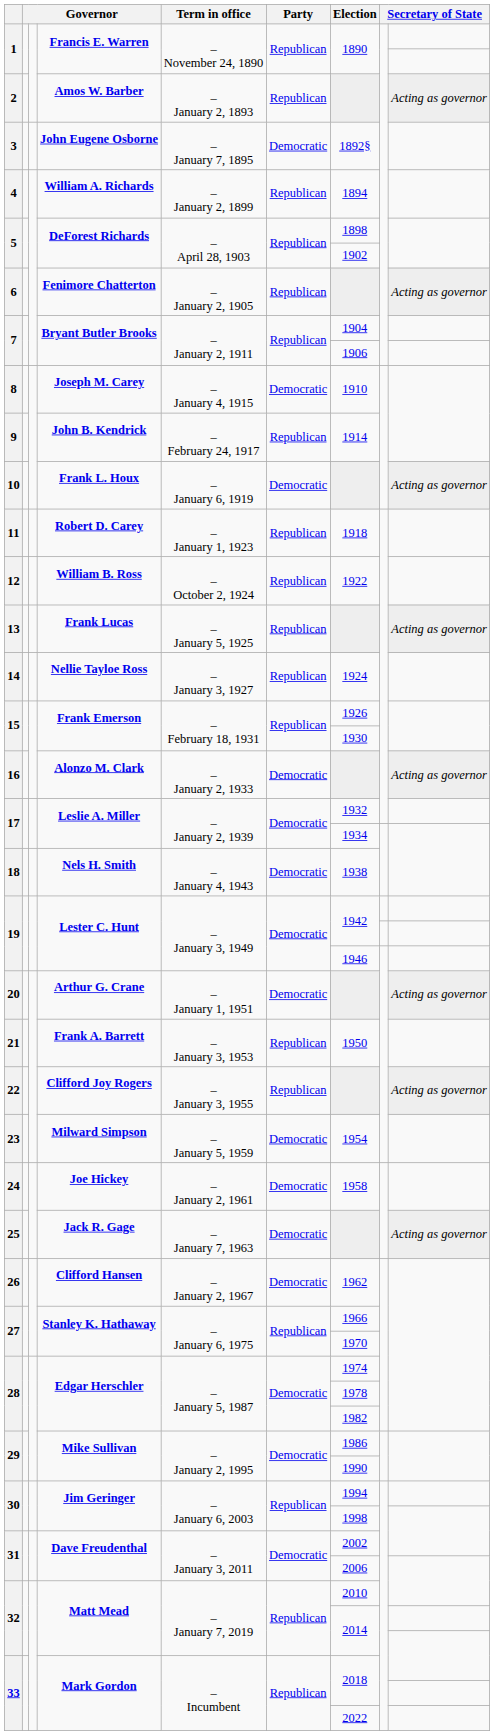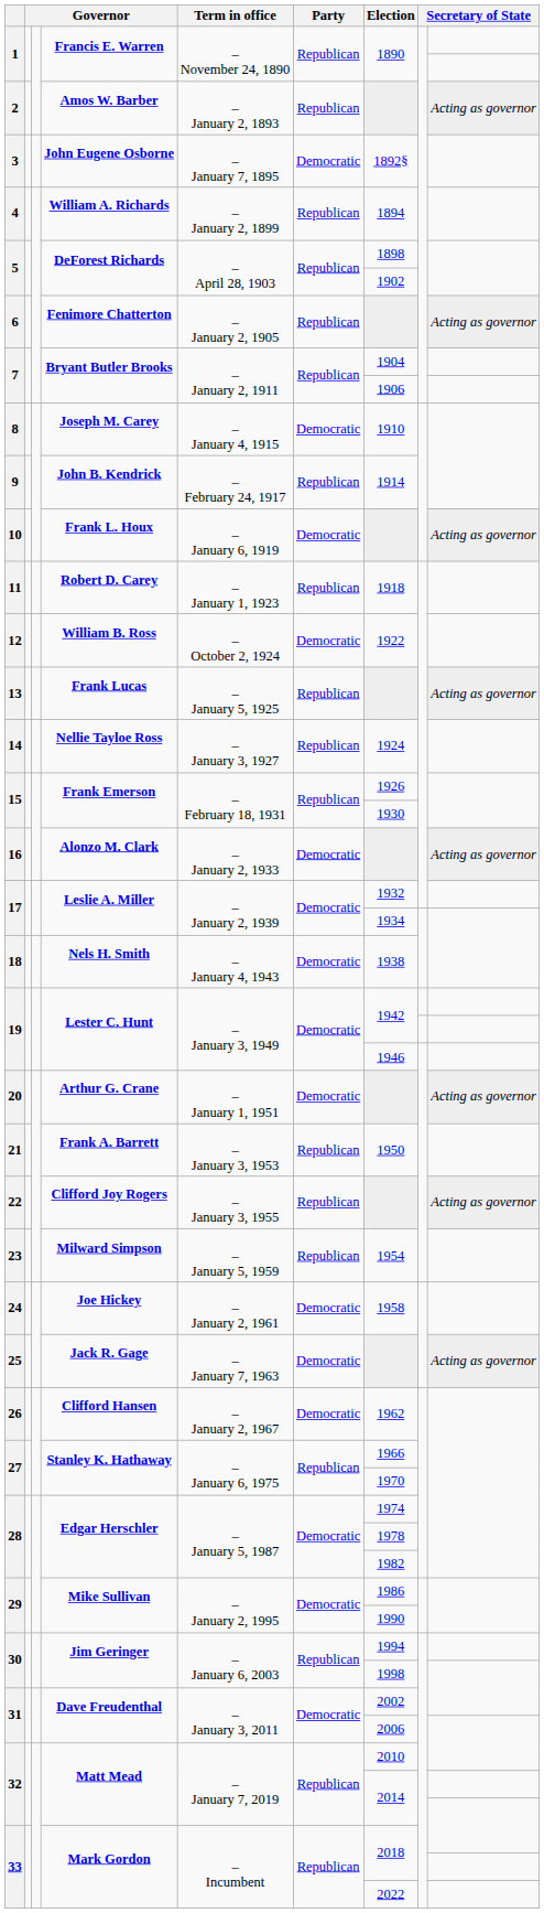 <table class="wikitable sortable mw-collapsible sticky-header-multi" style="text-align:center;">
 <tr>
 <th scope="col" data-sort-type="number"></th>
 <th scope="colgroup" colspan="3">Governor</th>
 <th scope="col">Term in office</th>
 <th scope="col">Party</th>
 <th scope="col">Election</th>
 <th scope="colgroup" colspan="2"><a href='#'>Secretary of State</a></th>
 </tr>
 <tr style="height:2em;">
 <th rowspan="2" scope="rowgroup">1</th>
 <td rowspan="2" data-sort-value="Warren, Francis"></td>
 <td rowspan="3" style="background: "> </td>
 <td rowspan="2"><strong><a href='#'>Francis E. Warren</a></strong><br><br></td>
 <td rowspan="2"><br>–<br>November 24, 1890<br></td>
 <td rowspan="2"><a href='#'>Republican</a></td>
 <td rowspan="2"><a href='#'>1890</a></td>
 <td rowspan="10" style="background: "> </td>
 <td></td>
 </tr>
 <tr style="height:2em;">
 <td></td>
 </tr>
 <tr style="height:2em;">
 <th scope="row">2</th>
 <td data-sort-value="Barber, Amos"></td>
 <td><strong><a href='#'>Amos W. Barber</a></strong><br><br></td>
 <td><br>–<br>January 2, 1893<br></td>
 <td><a href='#'>Republican</a></td>
 <td style="background:#EEEEEE;"></td>
 <td style="background:#EEEEEE;"><em>Acting as governor</em></td>
 </tr>
 <tr style="height:2em;">
 <th scope="row">3</th>
 <td data-sort-value="Osborne, John"></td>
 <td style="color:inherit;background: "></td>
 <td><strong><a href='#'>John Eugene Osborne</a></strong><br><br></td>
 <td><br>–<br>January 7, 1895<br></td>
 <td><a href='#'>Democratic</a></td>
 <td><a href='#'>1892§</a></td>
 <td></td>
 </tr>
 <tr style="height:2em;">
 <th scope="row">4</th>
 <td data-sort-value="Richards, William"></td>
 <td rowspan="6" style="color:inherit;background: "></td>
 <td><strong><a href='#'>William A. Richards</a></strong><br><br></td>
 <td><br>–<br>January 2, 1899<br></td>
 <td><a href='#'>Republican</a></td>
 <td><a href='#'>1894</a></td>
 <td></td>
 </tr>
 <tr style="height:2em;">
 <th rowspan="2" scope="rowgroup">5</th>
 <td rowspan="2" data-sort-value="Richards, DeForest"></td>
 <td rowspan="2"><strong><a href='#'>DeForest Richards</a></strong><br><br></td>
 <td rowspan="2"><br>–<br>April 28, 1903<br></td>
 <td rowspan="2"><a href='#'>Republican</a></td>
 <td><a href='#'>1898</a></td>
 <td rowspan="2"></td>
 </tr>
 <tr style="height:2em;">
 <td><a href='#'>1902</a></td>
 </tr>
 <tr style="height:2em;">
 <th scope="row">6</th>
 <td data-sort-value="Chatterton, Fenimore"></td>
 <td><strong><a href='#'>Fenimore Chatterton</a></strong><br><br></td>
 <td><br>–<br>January 2, 1905<br></td>
 <td><a href='#'>Republican</a></td>
 <td style="background:#EEEEEE;"></td>
 <td style="background:#EEEEEE;"><em>Acting as governor</em></td>
 </tr>
 <tr style="height:2em;">
 <th rowspan="2" scope="rowgroup">7</th>
 <td rowspan="2" data-sort-value="Brooks, Bryant"></td>
 <td rowspan="2"><strong><a href='#'>Bryant Butler Brooks</a></strong><br><br></td>
 <td rowspan="2"><br>–<br>January 2, 1911<br></td>
 <td rowspan="2"><a href='#'>Republican</a></td>
 <td><a href='#'>1904</a><br></td>
 <td></td>
 </tr>
 <tr style="height:2em;">
 <td><a href='#'>1906</a></td>
 <td></td>
 </tr>
 <tr style="height:2em;">
 <th scope="row">8</th>
 <td data-sort-value="Carey, Joseph"></td>
 <td rowspan="3" style="color:inherit;background: "></td>
 <td><strong><a href='#'>Joseph M. Carey</a></strong><br><br></td>
 <td><br>–<br>January 4, 1915<br></td>
 <td><a href='#'>Democratic</a></td>
 <td><a href='#'>1910</a></td>
 <td rowspan="3" style="color:inherit;background: "></td>
 <td rowspan="2"></td>
 </tr>
 <tr style="height:2em;">
 <th scope="row">9</th>
 <td data-sort-value="Kendrick, John"></td>
 <td><strong><a href='#'>John B. Kendrick</a></strong><br><br></td>
 <td><br>–<br>February 24, 1917<br></td>
 <td><a href='#'>Republican</a></td>
 <td><a href='#'>1914</a></td>
 </tr>
 <tr style="height:2em;">
 <th scope="row">10</th>
 <td data-sort-value="Houx, Frank"></td>
 <td><strong><a href='#'>Frank L. Houx</a></strong><br><br></td>
 <td><br>–<br>January 6, 1919<br></td>
 <td><a href='#'>Democratic</a></td>
 <td style="background:#EEEEEE;"></td>
 <td style="background:#EEEEEE;"><em>Acting as governor</em></td>
 </tr>
 <tr style="height:2em;">
 <th scope="row">11</th>
 <td data-sort-value="Carey, Robert"></td>
 <td style="color:inherit;background: "></td>
 <td><strong><a href='#'>Robert D. Carey</a></strong><br><br></td>
 <td><br>–<br>January 1, 1923<br></td>
 <td><a href='#'>Republican</a></td>
 <td><a href='#'>1918</a></td>
 <td rowspan="8" style="color:inherit;background: "></td>
 <td></td>
 </tr>
 <tr style="height:2em;">
 <th scope="row">12</th>
 <td data-sort-value="Ross, William"></td>
 <td style="color:inherit;background: "></td>
 <td><strong><a href='#'>William B. Ross</a></strong><br><br></td>
 <td><br>–<br>October 2, 1924<br></td>
-<td><a href='#'>Republican</a></td>
+<td><a href='#'>Democratic</a></td>
 <td><a href='#'>1922</a></td>
 <td></td>
 </tr>
 <tr style="height:2em;">
 <th scope="row">13</th>
 <td data-sort-value="Lucas, Frank"></td>
 <td style="color:inherit;background: "></td>
 <td><strong><a href='#'>Frank Lucas</a></strong><br><br></td>
 <td><br>–<br>January 5, 1925<br></td>
 <td><a href='#'>Republican</a></td>
 <td style="background:#EEEEEE;"></td>
 <td style="background:#EEEEEE;"><em>Acting as governor</em></td>
 </tr>
 <tr style="height:2em;">
 <th scope="row">14</th>
 <td data-sort-value="Ross, Nellie"></td>
 <td style="color:inherit;background: "></td>
 <td><strong><a href='#'>Nellie Tayloe Ross</a></strong><br><br></td>
 <td><br>–<br>January 3, 1927<br></td>
 <td><a href='#'>Republican</a></td>
 <td><a href='#'>1924</a><br></td>
 <td></td>
 </tr>
 <tr style="height:2em;">
 <th rowspan="2" scope="rowgroup">15</th>
 <td rowspan="2" data-sort-value="Emerson, Frank"></td>
 <td rowspan="3" style="color:inherit;background: "></td>
 <td rowspan="2"><strong><a href='#'>Frank Emerson</a></strong><br><br></td>
 <td rowspan="2"><br>–<br>February 18, 1931<br></td>
 <td rowspan="2"><a href='#'>Republican</a></td>
 <td><a href='#'>1926</a></td>
 <td rowspan="2"></td>
 </tr>
 <tr style="height:2em;">
 <td><a href='#'>1930</a></td>
 </tr>
 <tr style="height:2em;">
 <th scope="row">16</th>
 <td data-sort-value="Clark, Alonzo"></td>
 <td><strong><a href='#'>Alonzo M. Clark</a></strong><br><br></td>
 <td><br>–<br>January 2, 1933<br></td>
 <td><a href='#'>Democratic</a></td>
 <td style="background:#EEEEEE;"></td>
 <td style="background:#EEEEEE;"><em>Acting as governor</em></td>
 </tr>
 <tr style="height:2em;">
 <th rowspan="2" scope="rowgroup">17</th>
 <td rowspan="2" data-sort-value="Miller, Leslie"></td>
 <td rowspan="2" style="color:inherit;background: "></td>
 <td rowspan="2"><strong><a href='#'>Leslie A. Miller</a></strong><br><br></td>
 <td rowspan="2"><br>–<br>January 2, 1939<br></td>
 <td rowspan="2"><a href='#'>Democratic</a></td>
 <td><a href='#'>1932</a><br></td>
 <td></td>
 </tr>
 <tr style="height:2em;">
 <td><a href='#'>1934</a></td>
 <td rowspan="2" style="color:inherit;background: "></td>
 <td rowspan="2"></td>
 </tr>
 <tr style="height:2em;">
 <th scope="row">18</th>
 <td data-sort-value="Smith, Nels"></td>
 <td style="color:inherit;background: "></td>
 <td><strong><a href='#'>Nels H. Smith</a></strong><br><br></td>
 <td><br>–<br>January 4, 1943<br></td>
 <td><a href='#'>Democratic</a></td>
 <td><a href='#'>1938</a></td>
 </tr>
 <tr style="height:2em;">
 <th rowspan="3" scope="rowgroup">19</th>
 <td rowspan="3" data-sort-value="Hunt, Lester"></td>
 <td rowspan="3" style="color:inherit;background: "></td>
 <td rowspan="3"><strong><a href='#'>Lester C. Hunt</a></strong><br><br></td>
 <td rowspan="3"><br>–<br>January 3, 1949<br></td>
 <td rowspan="3"><a href='#'>Democratic</a></td>
 <td rowspan="2"><a href='#'>1942</a></td>
 <td style="color:inherit;background: "></td>
 <td></td>
 </tr>
 <tr style="height:2em;">
 <td style="color:inherit;background: "></td>
 <td></td>
 </tr>
 <tr style="height:2em;">
 <td><a href='#'>1946</a></td>
 <td rowspan="5" style="color:inherit;background: "></td>
 <td></td>
 </tr>
 <tr style="height:2em;">
 <th scope="row">20</th>
 <td data-sort-value="Crane, Arthur"></td>
 <td rowspan="4" style="color:inherit;background: "></td>
 <td><strong><a href='#'>Arthur G. Crane</a></strong><br><br></td>
 <td><br>–<br>January 1, 1951<br></td>
 <td><a href='#'>Democratic</a></td>
 <td style="background:#EEEEEE;"></td>
 <td style="background:#EEEEEE;"><em>Acting as governor</em></td>
 </tr>
 <tr style="height:2em;">
 <th scope="row">21</th>
 <td data-sort-value="Barrett, Frank"></td>
 <td><strong><a href='#'>Frank A. Barrett</a></strong><br><br></td>
 <td><br>–<br>January 3, 1953<br></td>
 <td><a href='#'>Republican</a></td>
 <td><a href='#'>1950</a></td>
 <td></td>
 </tr>
 <tr style="height:2em;">
 <th scope="row">22</th>
 <td data-sort-value="Rogers, Clifford"></td>
 <td><strong><a href='#'>Clifford Joy Rogers</a></strong><br><br></td>
 <td><br>–<br>January 3, 1955<br></td>
 <td><a href='#'>Republican</a></td>
 <td style="background:#EEEEEE;"></td>
 <td style="background:#EEEEEE;"><em>Acting as governor</em></td>
 </tr>
 <tr style="height:2em;">
 <th scope="row">23</th>
 <td data-sort-value="Simpson, Milward"></td>
 <td><strong><a href='#'>Milward Simpson</a></strong><br><br></td>
 <td><br>–<br>January 5, 1959<br></td>
-<td><a href='#'>Democratic</a></td>
+<td><a href='#'>Republican</a></td>
 <td><a href='#'>1954</a></td>
 <td></td>
 </tr>
 <tr style="height:2em;">
 <th scope="row">24</th>
 <td data-sort-value="Hickey, Joe"></td>
 <td rowspan="2" style="color:inherit;background: "></td>
 <td><strong><a href='#'>Joe Hickey</a></strong><br><br></td>
 <td><br>–<br>January 2, 1961<br></td>
 <td><a href='#'>Democratic</a></td>
 <td><a href='#'>1958</a></td>
 <td rowspan="2" style="color:inherit;background: "></td>
 <td></td>
 </tr>
 <tr style="height:2em;">
 <th scope="row">25</th>
 <td data-sort-value="Gage, Jack"></td>
 <td><strong><a href='#'>Jack R. Gage</a></strong><br><br></td>
 <td><br>–<br>January 7, 1963<br></td>
 <td><a href='#'>Democratic</a></td>
 <td style="background:#EEEEEE;"></td>
 <td style="background:#EEEEEE;"><em>Acting as governor</em></td>
 </tr>
 <tr style="height:2em;">
 <th scope="row">26</th>
 <td data-sort-value="Hansen, Clifford"></td>
 <td rowspan="3" style="color:inherit;background: "></td>
 <td><strong><a href='#'>Clifford Hansen</a></strong><br><br></td>
 <td><br>–<br>January 2, 1967<br></td>
 <td><a href='#'>Democratic</a></td>
 <td><a href='#'>1962</a></td>
 <td rowspan="6" style="color:inherit;background: "></td>
 <td rowspan="6"></td>
 </tr>
 <tr style="height:2em;">
 <th rowspan="2" scope="rowgroup">27</th>
 <td rowspan="2" data-sort-value="Hathaway, Stanley"></td>
 <td rowspan="2"><strong><a href='#'>Stanley K. Hathaway</a></strong><br><br></td>
 <td rowspan="2"><br>–<br>January 6, 1975<br></td>
 <td rowspan="2"><a href='#'>Republican</a></td>
 <td><a href='#'>1966</a></td>
 </tr>
 <tr style="height:2em;">
 <td><a href='#'>1970</a></td>
 </tr>
 <tr style="height:2em;">
 <th rowspan="3" scope="rowgroup">28</th>
 <td rowspan="3" data-sort-value="Herschler, Edgar"></td>
 <td rowspan="5" style="color:inherit;background: "></td>
 <td rowspan="3"><strong><a href='#'>Edgar Herschler</a></strong><br><br></td>
 <td rowspan="3"><br>–<br>January 5, 1987<br></td>
 <td rowspan="3"><a href='#'>Democratic</a></td>
 <td><a href='#'>1974</a></td>
 </tr>
 <tr style="height:2em;">
 <td><a href='#'>1978</a></td>
 </tr>
 <tr style="height:2em;">
 <td><a href='#'>1982</a></td>
 </tr>
 <tr style="height:2em;">
 <th rowspan="2" scope="rowgroup">29</th>
 <td rowspan="2" data-sort-value="Sullivan, Mike"></td>
 <td rowspan="2"><strong><a href='#'>Mike Sullivan</a></strong><br><br></td>
 <td rowspan="2"><br>–<br>January 2, 1995<br></td>
 <td rowspan="2"><a href='#'>Democratic</a></td>
 <td><a href='#'>1986</a></td>
 <td rowspan="2" style="color:inherit;background: "></td>
 <td rowspan="2"></td>
 </tr>
 <tr style="height:2em;">
 <td><a href='#'>1990</a></td>
 </tr>
 <tr style="height:2em;">
 <th rowspan="2" scope="rowgroup">30</th>
 <td rowspan="2" data-sort-value="Geringer, Jim"></td>
 <td rowspan="2" style="color:inherit;background: "></td>
 <td rowspan="2"><strong><a href='#'>Jim Geringer</a></strong><br><br></td>
 <td rowspan="2"><br>–<br>January 6, 2003<br></td>
 <td rowspan="2"><a href='#'>Republican</a></td>
 <td><a href='#'>1994</a></td>
 <td rowspan="10" style="color:inherit;background: "></td>
 <td></td>
 </tr>
 <tr style="height:2em;">
 <td><a href='#'>1998</a></td>
 <td rowspan="2"></td>
 </tr>
 <tr style="height:2em;">
 <th rowspan="2" scope="rowgroup">31</th>
 <td rowspan="2" data-sort-value="Freudenthal, Dave"></td>
 <td rowspan="2" style="color:inherit;background: "></td>
 <td rowspan="2"><strong><a href='#'>Dave Freudenthal</a></strong><br><br></td>
 <td rowspan="2"><br>–<br>January 3, 2011<br></td>
 <td rowspan="2"><a href='#'>Democratic</a></td>
 <td><a href='#'>2002</a></td>
 </tr>
 <tr style="height:2em;">
 <td><a href='#'>2006</a></td>
 <td rowspan="2"></td>
 </tr>
 <tr style="height:2em;">
 <th rowspan="3" scope="rowgroup">32</th>
 <td rowspan="3" data-sort-value="Mead, Matt"></td>
 <td rowspan="6" style="color:inherit;background: "></td>
 <td rowspan="3"><strong><a href='#'>Matt Mead</a></strong><br><br></td>
 <td rowspan="3"><br>–<br>January 7, 2019<br></td>
 <td rowspan="3"><a href='#'>Republican</a></td>
 <td><a href='#'>2010</a></td>
 </tr>
 <tr style="height:2em;">
 <td rowspan="2"><a href='#'>2014</a></td>
 <td></td>
 </tr>
 <tr style="height:2em;">
 <td rowspan="2"></td>
 </tr>
 <tr style="height:2em;">
 <th rowspan="3" scope="rowgroup"><a href='#'>33</a></th>
 <td rowspan="3" data-sort-value="Gordon, Mark"></td>
 <td rowspan="3"><strong><a href='#'>Mark Gordon</a></strong><br><br></td>
 <td rowspan="3"><br>–<br>Incumbent</td>
 <td rowspan="3"><a href='#'>Republican</a></td>
 <td rowspan="2"><a href='#'>2018</a></td>
 </tr>
 <tr style="height:2em;">
 <td></td>
 </tr>
 <tr style="height:2em;">
 <td><a href='#'>2022</a></td>
 <td></td>
 </tr>
 </table>
